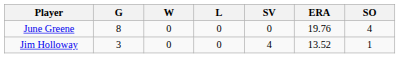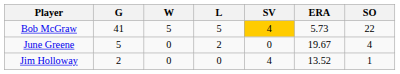 <table class="wikitable sortable">
 <tr>
 <th bgcolor="#DDDDFF" width="16%">Player</th>
 <th bgcolor="#DDDDFF" width="9%">G</th>
 <th bgcolor="#DDDDFF" width="9%">W</th>
 <th bgcolor="#DDDDFF" width="9%">L</th>
 <th bgcolor="#DDDDFF" width="9%">SV</th>
 <th bgcolor="#DDDDFF" width="9%">ERA</th>
 <th bgcolor="#DDDDFF" width="9%">SO</th>
 </tr>
+<tr align="center">
+<td><a href='#'>Bob McGraw</a></td>
+<td>41</td>
+<td>5</td>
+<td>5</td>
+<td style="background:#fc0;">4</td>
+<td>5.73</td>
+<td>22</td>
+</tr>
 <tr align=center>
 <td><a href='#'>June Greene</a></td>
-<td>8</td>
+<td>5</td>
 <td>0</td>
+<td>2</td>
 <td>0</td>
-<td>0</td>
-<td>19.76</td>
+<td>19.67</td>
 <td>4</td>
 </tr>
 <tr align=center>
 <td><a href='#'>Jim Holloway</a></td>
-<td>3</td>
+<td>2</td>
 <td>0</td>
 <td>0</td>
 <td>4</td>
 <td>13.52</td>
 <td>1</td>
 </tr>
 </table>
